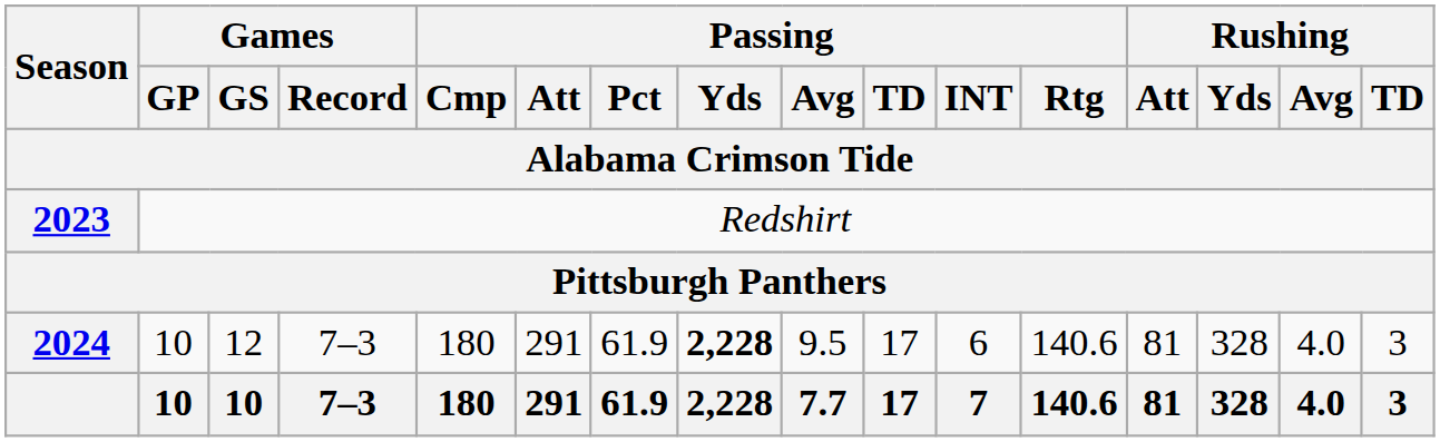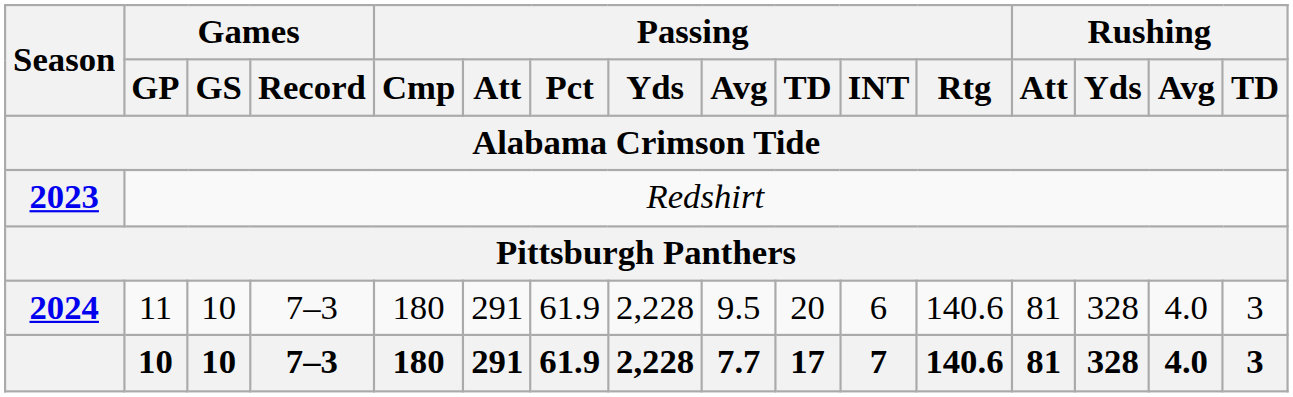 <table class="wikitable" style="text-align:center;">
 <tr>
 <th rowspan="2">Season</th>
 <th colspan="3">Games</th>
 <th colspan="8">Passing</th>
 <th colspan="4">Rushing</th>
 </tr>
 <tr>
 <th>GP</th>
 <th>GS</th>
 <th>Record</th>
 <th>Cmp</th>
 <th>Att</th>
 <th>Pct</th>
 <th>Yds</th>
 <th>Avg</th>
 <th>TD</th>
 <th>INT</th>
 <th>Rtg</th>
 <th>Att</th>
 <th>Yds</th>
 <th>Avg</th>
 <th>TD</th>
 </tr>
 <tr>
 <th colspan="16">Alabama Crimson Tide</th>
 </tr>
 <tr>
 <th><a href='#'>2023</a></th>
 <td colspan="15"><em>Redshirt </em></td>
 </tr>
 <tr>
 <th colspan="16">Pittsburgh Panthers</th>
 </tr>
 <tr>
 <th><a href='#'>2024</a></th>
+<td>11</td>
 <td>10</td>
-<td>12</td>
 <td>7–3</td>
 <td>180</td>
 <td>291</td>
 <td>61.9</td>
-<td><strong>2,228</strong></td>
+<td>2,228</td>
 <td>9.5</td>
-<td>17</td>
+<td>20</td>
 <td>6</td>
 <td>140.6</td>
 <td>81</td>
 <td>328</td>
 <td>4.0</td>
 <td>3</td>
 </tr>
 <tr>
 <th></th>
 <th>10</th>
 <th>10</th>
 <th>7–3</th>
 <th>180</th>
 <th>291</th>
 <th>61.9</th>
 <th>2,228</th>
 <th>7.7</th>
 <th>17</th>
 <th>7</th>
 <th>140.6</th>
 <th>81</th>
 <th>328</th>
 <th>4.0</th>
 <th>3</th>
 </tr>
 </table>
